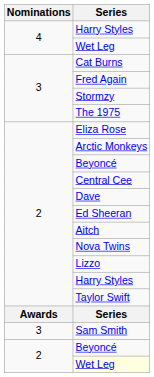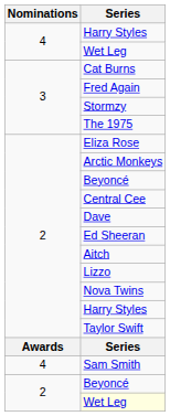 <table class="wikitable">
 <tr>
 <th scope="col" style="width:55px;">Nominations</th>
 <th scope="col" style="text-align:center;">Series</th>
 </tr>
 <tr>
 <td rowspan="2" style="text-align:center">4</td>
 <td><a href='#'>Harry Styles</a></td>
 </tr>
 <tr>
 <td><a href='#'>Wet Leg</a></td>
 </tr>
 <tr>
 <td rowspan="4" style="text-align:center">3</td>
 <td><a href='#'>Cat Burns</a></td>
 </tr>
 <tr>
 <td><a href='#'>Fred Again</a></td>
 </tr>
 <tr>
 <td><a href='#'>Stormzy</a></td>
 </tr>
 <tr>
 <td><a href='#'>The 1975</a></td>
 </tr>
 <tr>
 <td rowspan="11" style="text-align:center">2</td>
 <td><a href='#'>Eliza Rose</a></td>
 </tr>
 <tr>
 <td><a href='#'>Arctic Monkeys</a></td>
 </tr>
 <tr>
 <td><a href='#'>Beyoncé</a></td>
 </tr>
 <tr>
 <td><a href='#'>Central Cee</a></td>
 </tr>
 <tr>
 <td><a href='#'>Dave</a></td>
 </tr>
 <tr>
 <td><a href='#'>Ed Sheeran</a></td>
 </tr>
 <tr>
 <td><a href='#'>Aitch</a></td>
 </tr>
 <tr>
-<td><a href='#'>Nova Twins</a></td>
+<td><a href='#'>Lizzo</a></td>
 </tr>
 <tr>
-<td><a href='#'>Lizzo</a></td>
+<td><a href='#'>Nova Twins</a></td>
 </tr>
 <tr>
 <td><a href='#'>Harry Styles</a></td>
 </tr>
 <tr>
 <td><a href='#'>Taylor Swift</a></td>
 </tr>
 <tr>
 <th scope="col" style="width:55px;">Awards</th>
 <th scope="col" style="text-align:center;">Series</th>
 </tr>
 <tr>
-<td style="text-align:center">3</td>
+<td style="text-align:center">4</td>
 <td><a href='#'>Sam Smith</a></td>
 </tr>
 <tr>
 <td rowspan="2" style="text-align:center">2</td>
 <td><a href='#'>Beyoncé</a></td>
 </tr>
 <tr>
 <td style="background: lightyellow;"><a href='#'>Wet Leg</a></td>
 </tr>
 </table>
